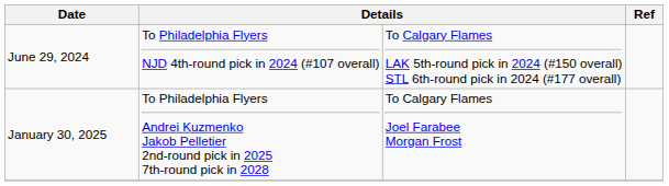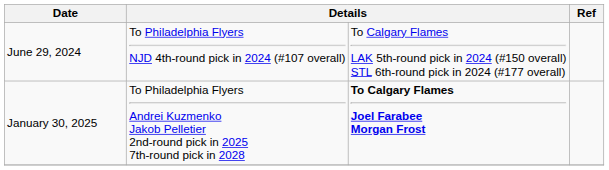 <table class="wikitable">
 <tr>
 <th style="width: 10em;">Date</th>
 <th colspan=2>Details</th>
 <th style="width: 2.5em;">Ref</th>
 </tr>
 <tr>
 <td>June 29, 2024</td>
 <td valign="top">To <a href='#'>Philadelphia Flyers</a><hr><a href='#'>NJD</a> 4th-round pick in <a href='#'>2024</a> (#107 overall)</td>
 <td valign="top">To <a href='#'>Calgary Flames</a><hr><a href='#'>LAK</a> 5th-round pick in <a href='#'>2024</a> (#150 overall)<br><a href='#'>STL</a> 6th-round pick in 2024 (#177 overall)</td>
 <td></td>
 </tr>
 <tr>
 <td>January 30, 2025</td>
 <td valign="top">To Philadelphia Flyers<hr><a href='#'>Andrei Kuzmenko</a><br><a href='#'>Jakob Pelletier</a><br>2nd-round pick in <a href='#'>2025</a><br>7th-round pick in <a href='#'>2028</a></td>
-<td valign="top">To Calgary Flames<hr><a href='#'>Joel Farabee</a><br><a href='#'>Morgan Frost</a></td>
+<td valign="top"><strong>To Calgary Flames<hr><a href='#'>Joel Farabee</a><br><a href='#'>Morgan Frost</a></strong></td>
 <td></td>
 </tr>
 <tr>
 </tr>
 </table>
